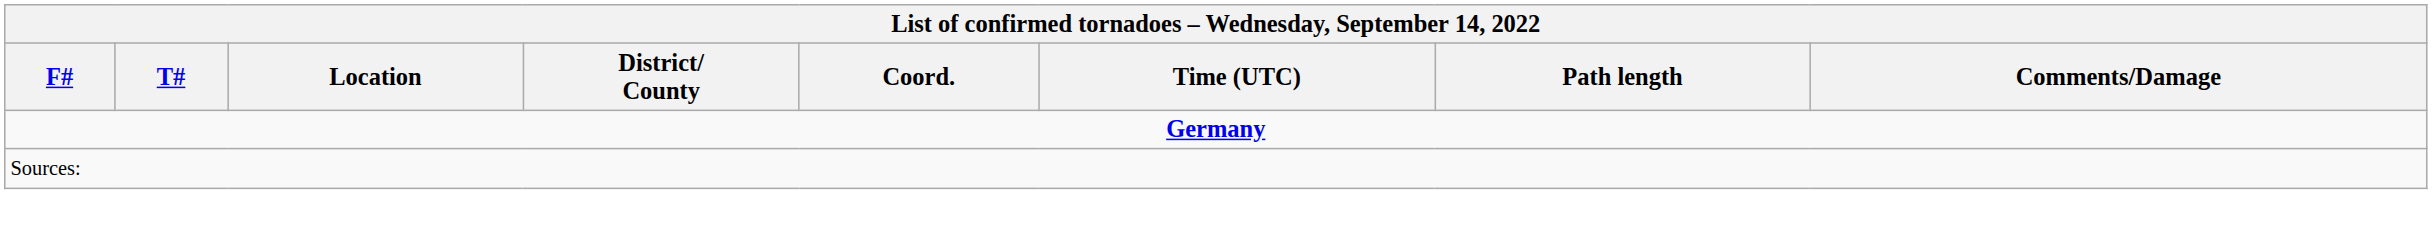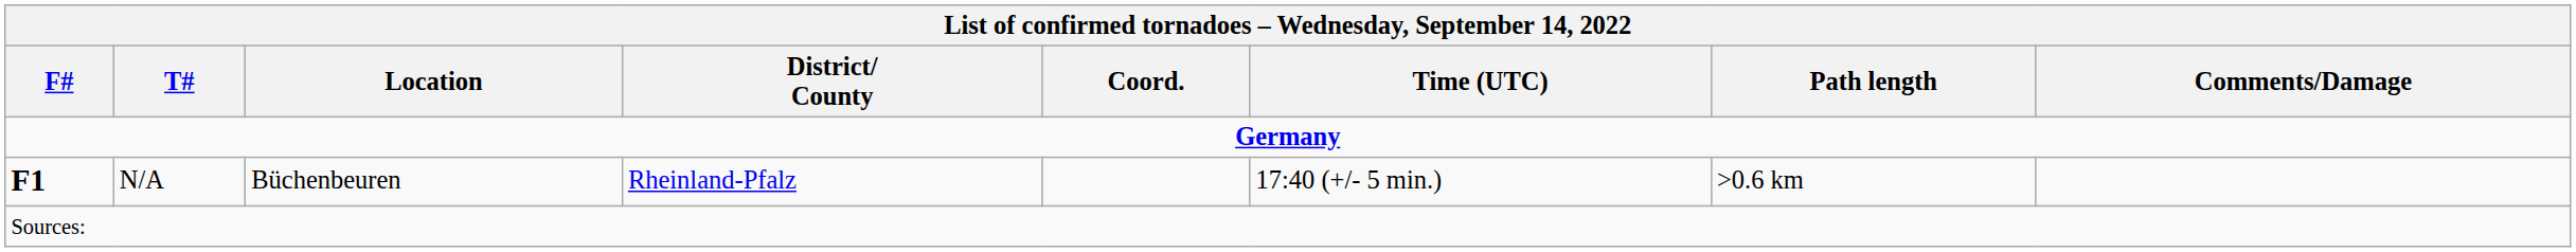 <table class="wikitable collapsible" width="100%">
 <tr>
 <th colspan="8">List of confirmed tornadoes – Wednesday, September 14, 2022</th>
 </tr>
 <tr>
 <th><a href='#'>F#</a></th>
 <th><a href='#'>T#</a></th>
 <th>Location</th>
 <th>District/<br>County</th>
 <th>Coord.</th>
 <th>Time (UTC)</th>
 <th>Path length</th>
 <th>Comments/Damage</th>
 </tr>
 <tr>
 <td colspan="8" align=center><strong><a href='#'>Germany</a></strong></td>
 </tr>
 <tr>
+<td><big><strong>F1</strong></big></td>
+<td>N/A</td>
+<td>Büchenbeuren</td>
+<td><a href='#'>Rheinland-Pfalz</a></td>
+<td></td>
+<td>17:40 (+/- 5 min.)</td>
+<td>>0.6 km</td>
+<td></td>
+</tr>
+<tr>
 <td colspan="8"><small>Sources:  </small></td>
 </tr>
 </table>
